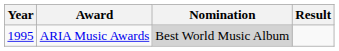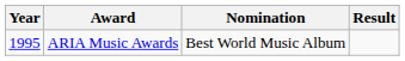 <table class="wikitable">
 <tr>
 <th>Year</th>
 <th>Award</th>
 <th>Nomination</th>
 <th>Result</th>
 </tr>
 <tr>
 <td rowspan="4"><a href='#'>1995</a></td>
 <td rowspan="1"><a href='#'>ARIA Music Awards</a></td>
-<td style="background: lightgrey;">Best World Music Album</td>
+<td>Best World Music Album</td>
 <td></td>
 </tr>
 </table>
